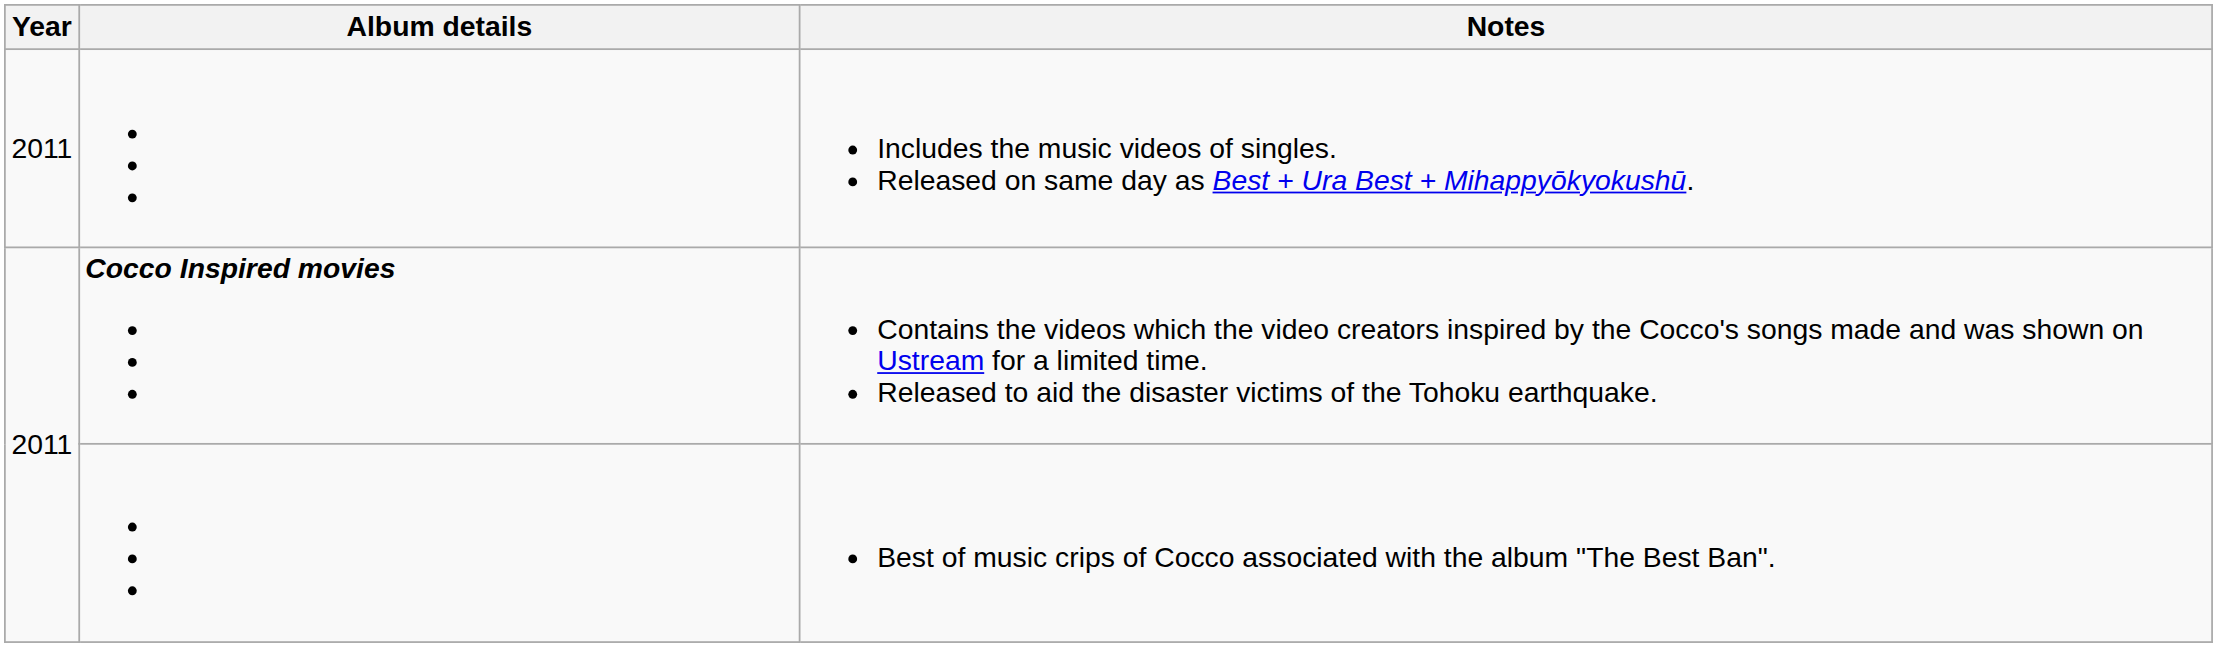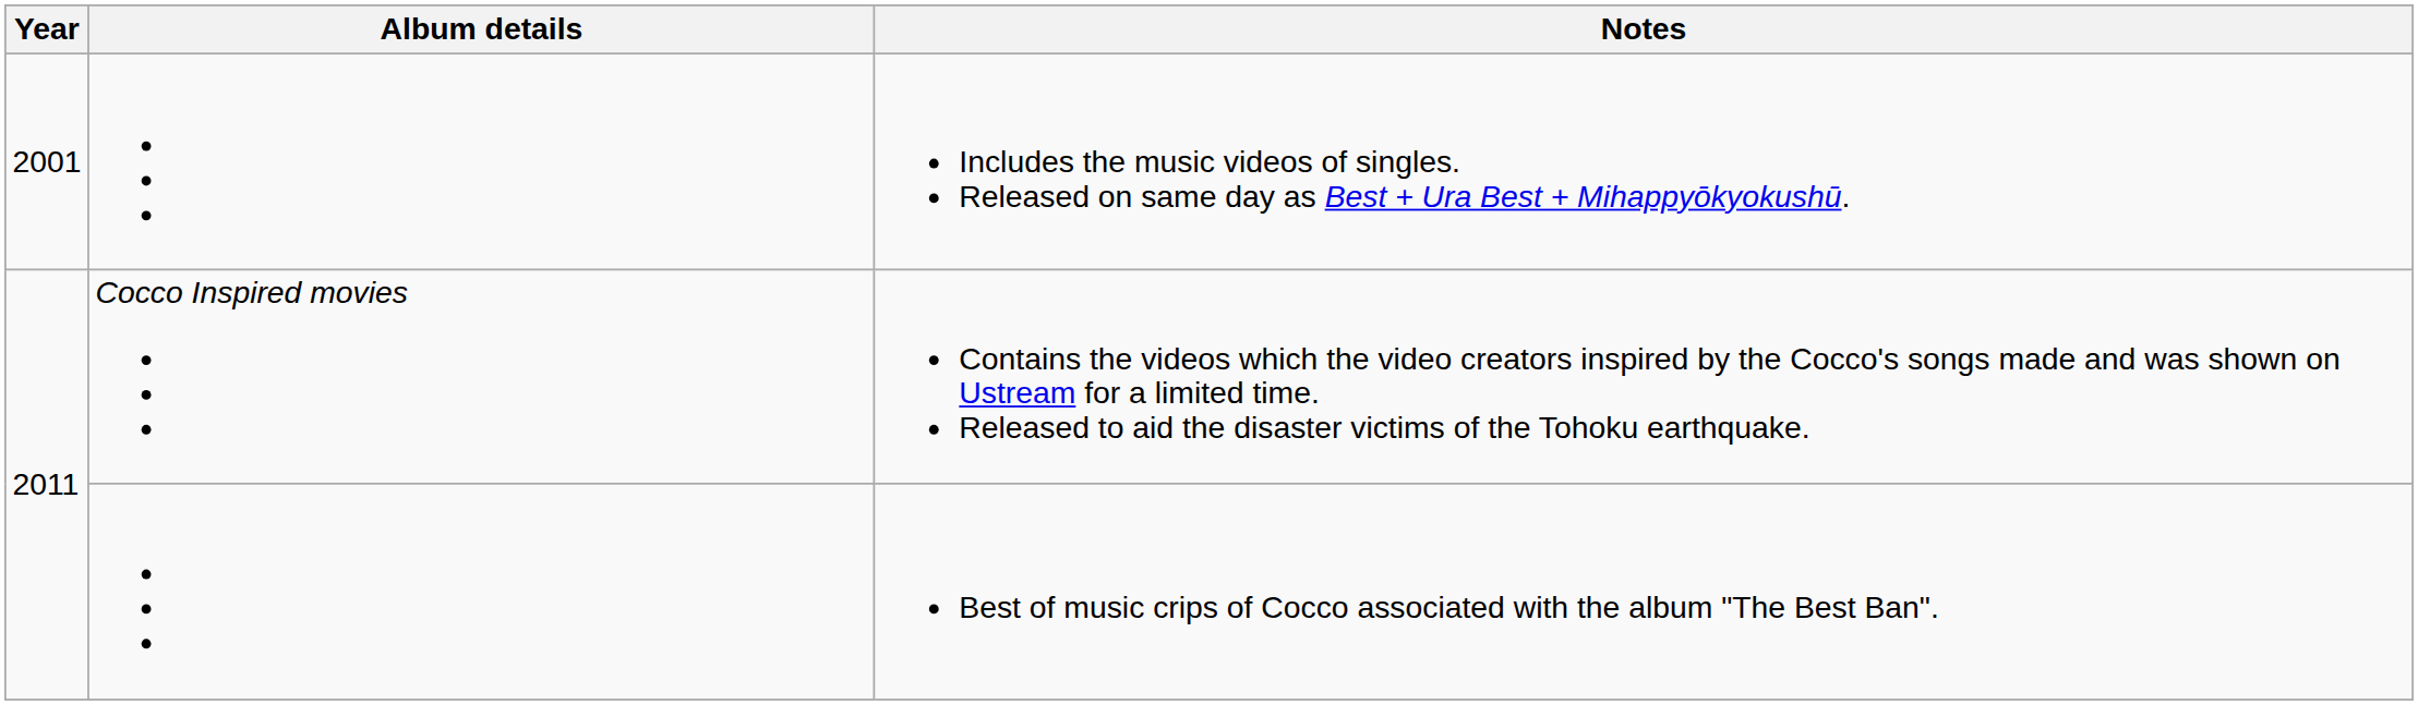 <table class="wikitable">
 <tr>
 <th>Year</th>
 <th style="width:400px;">Album details</th>
 <th>Notes</th>
 </tr>
 <tr>
-<td>2011</td>
+<td>2001</td>
 <td align=left><br><ul><li></li><li></li><li></li></ul></td>
 <td><br><ul><li>Includes the music videos of singles.</li><li>Released on same day as <em><a href='#'>Best + Ura Best + Mihappyōkyokushū</a></em>.</li></ul></td>
 </tr>
 <tr>
 <td rowspan="2">2011</td>
-<td align=left><strong><em>Cocco Inspired movies</em><br><ul><li></li><li></li><li></li></ul></strong></td>
+<td align=left><em>Cocco Inspired movies</em><br><ul><li></li><li></li><li></li></ul></td>
 <td><br><ul><li>Contains the videos which the video creators inspired by the Cocco's songs made and was shown on <a href='#'>Ustream</a> for a limited time.</li><li>Released to aid the disaster victims of the Tohoku earthquake.</li></ul></td>
 </tr>
 <tr>
 <td align=left><br><ul><li></li><li></li><li></li></ul></td>
 <td><br><ul><li>Best of music crips of Cocco associated with the album "The Best Ban".</li></ul></td>
 </tr>
 </table>
